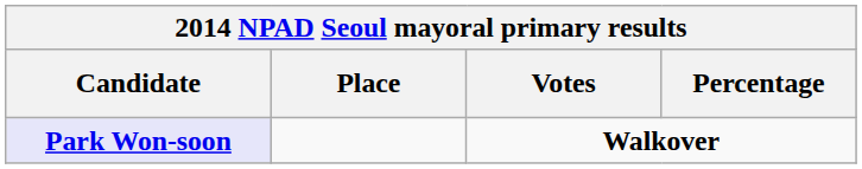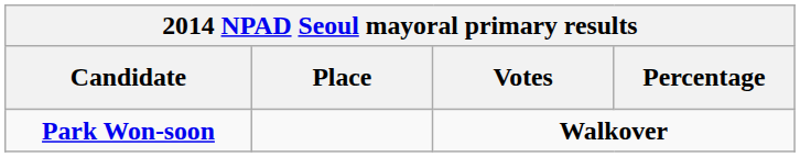 <table class="wikitable" style="text-align:center;">
 <tr>
 <th colspan=4>2014 <a href='#'>NPAD</a> <a href='#'>Seoul</a> mayoral primary results</th>
 </tr>
 <tr>
 <th style="padding:10px;" width=130><strong>Candidate</strong></th>
 <th style="padding:10px;" width=90><strong>Place</strong></th>
 <th style="padding:10px;" width=90><strong>Votes</strong></th>
 <th style="padding:10px;" width=90><strong>Percentage</strong></th>
 </tr>
 <tr>
-<td style="background: lavender;"><strong><a href='#'>Park Won-soon</a></strong></td>
+<td><strong><a href='#'>Park Won-soon</a></strong></td>
 <td style="background:"><strong></strong></td>
 <td colspan=2><strong>Walkover</strong></td>
 </tr>
 </table>
